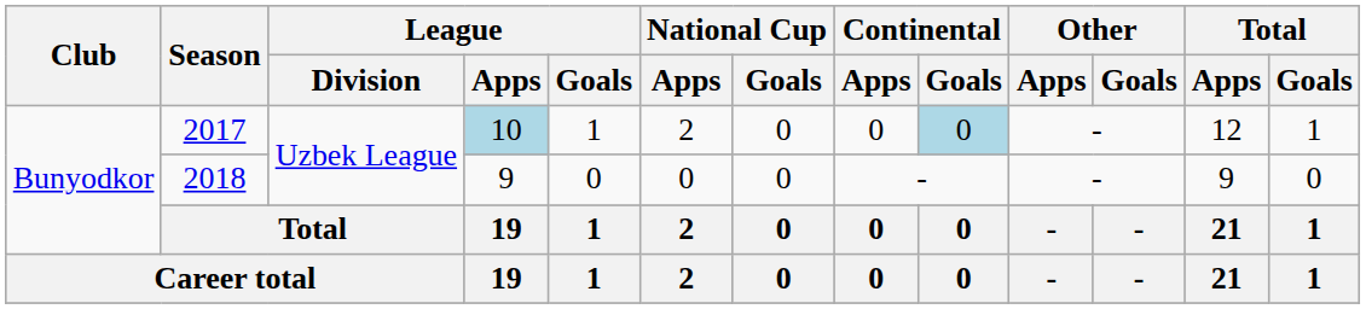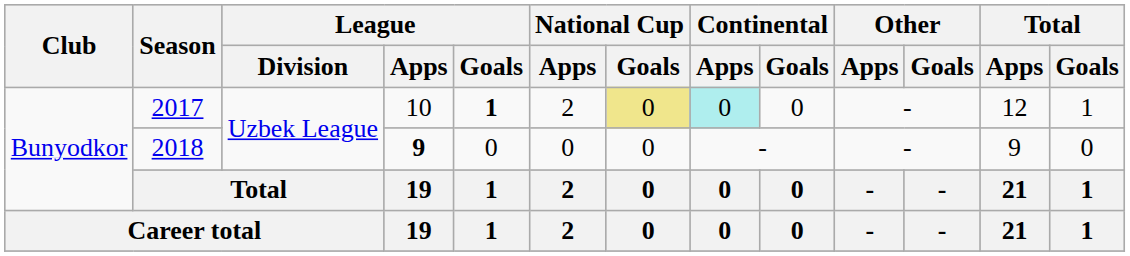 <table class="wikitable" style="text-align: center;">
 <tr>
 <th rowspan="2">Club</th>
 <th rowspan="2">Season</th>
 <th colspan="3">League</th>
 <th colspan="2">National Cup</th>
 <th colspan="2">Continental</th>
 <th colspan="2">Other</th>
 <th colspan="2">Total</th>
 </tr>
 <tr>
 <th>Division</th>
 <th>Apps</th>
 <th>Goals</th>
 <th>Apps</th>
 <th>Goals</th>
 <th>Apps</th>
 <th>Goals</th>
 <th>Apps</th>
 <th>Goals</th>
 <th>Apps</th>
 <th>Goals</th>
 </tr>
 <tr>
 <td rowspan="3" valign="center"><a href='#'>Bunyodkor</a></td>
 <td><a href='#'>2017</a></td>
 <td rowspan="2" valign="center"><a href='#'>Uzbek League</a></td>
-<td style="background: lightblue;">10</td>
-<td>1</td>
+<td>10</td>
+<td><strong>1</strong></td>
 <td>2</td>
+<td style="background: khaki;">0</td>
+<td style="background: paleturquoise;">0</td>
 <td>0</td>
-<td>0</td>
-<td style="background: lightblue;">0</td>
 <td colspan="2">-</td>
 <td>12</td>
 <td>1</td>
 </tr>
 <tr>
 <td><a href='#'>2018</a></td>
-<td>9</td>
+<td><strong>9</strong></td>
 <td>0</td>
 <td>0</td>
 <td>0</td>
 <td colspan="2">-</td>
 <td colspan="2">-</td>
 <td>9</td>
 <td>0</td>
 </tr>
 <tr>
 <th colspan="2">Total</th>
 <th>19</th>
 <th>1</th>
 <th>2</th>
 <th>0</th>
 <th>0</th>
 <th>0</th>
 <th>-</th>
 <th>-</th>
 <th>21</th>
 <th>1</th>
 </tr>
 <tr>
 <th colspan="3">Career total</th>
 <th>19</th>
 <th>1</th>
 <th>2</th>
 <th>0</th>
 <th>0</th>
 <th>0</th>
 <th>-</th>
 <th>-</th>
 <th>21</th>
 <th>1</th>
 </tr>
 </table>
